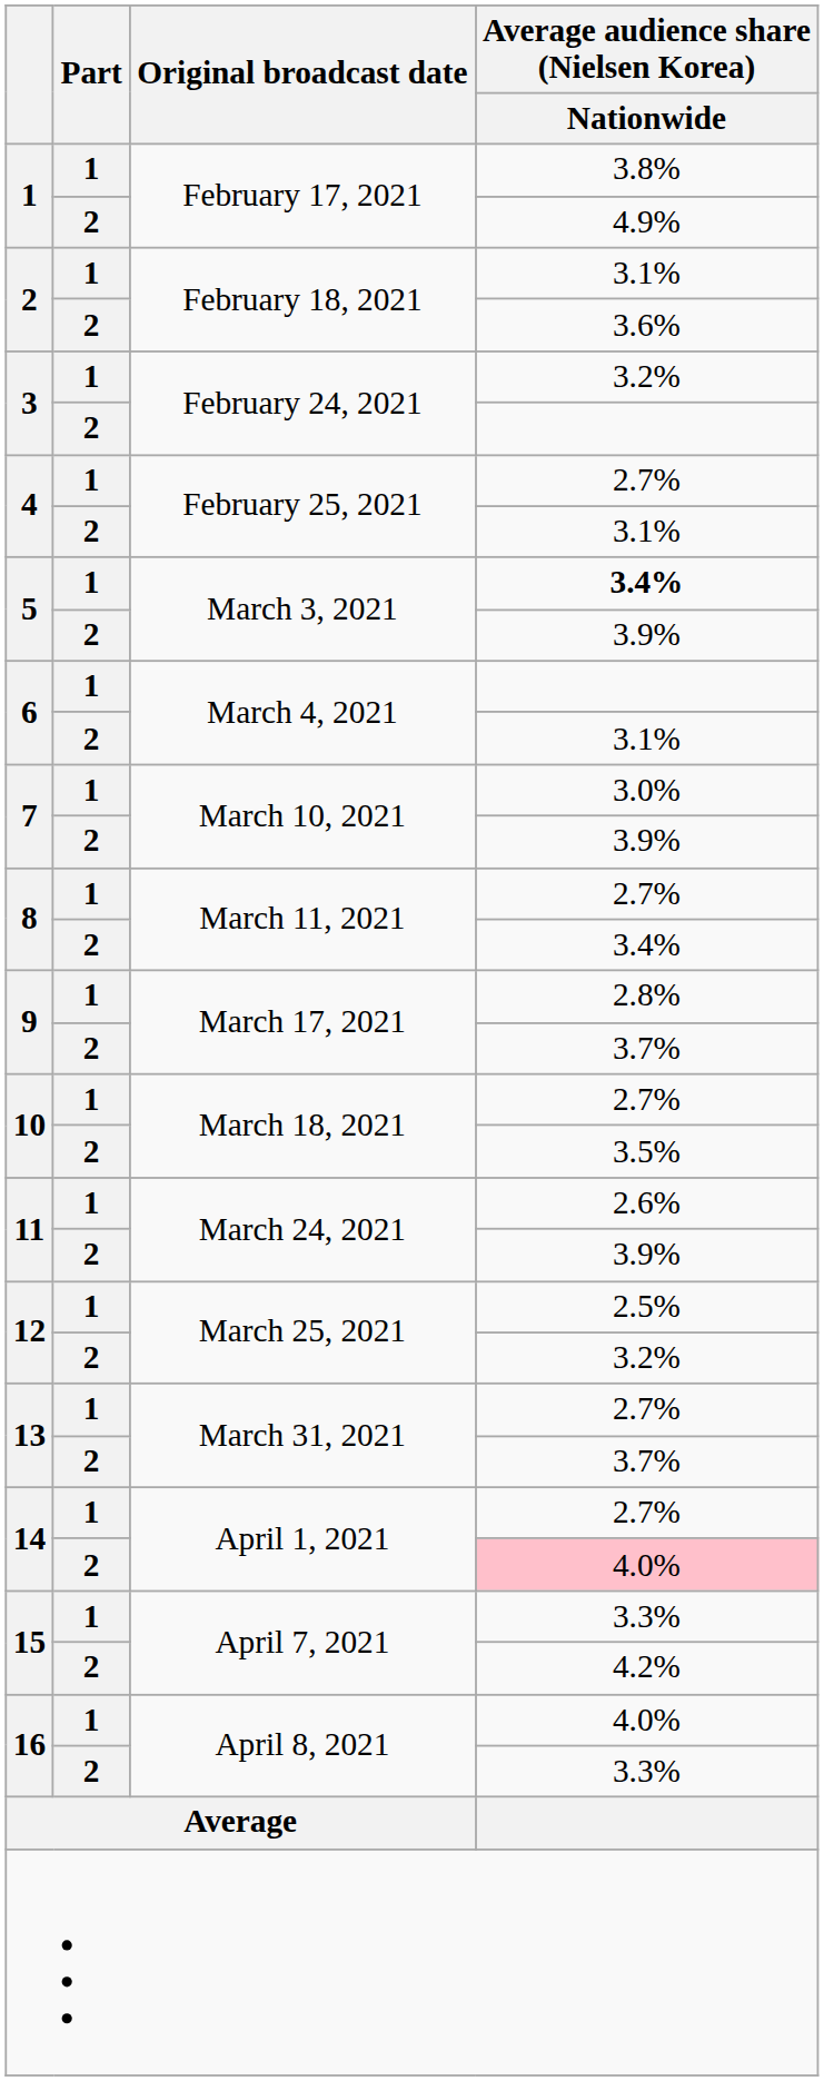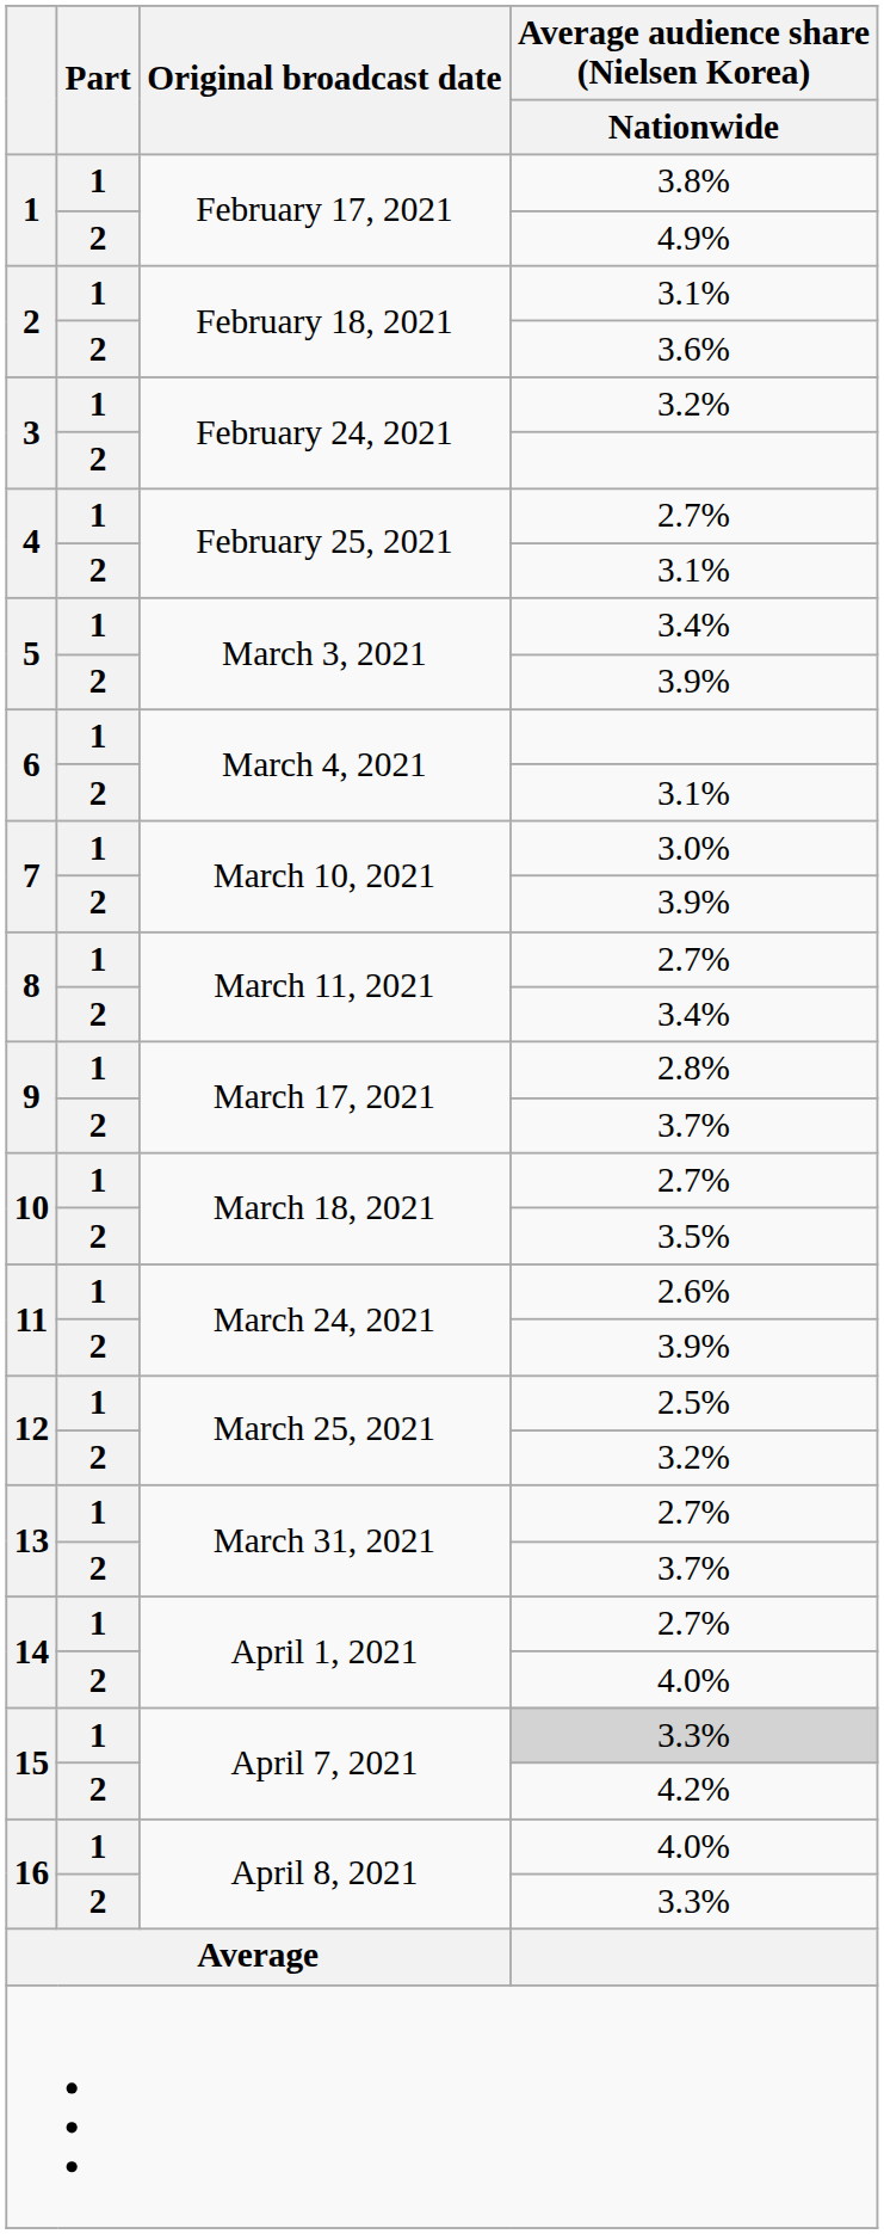 <table class="wikitable" style="text-align:center;max-width:500px; margin-left: auto; margin-right: auto; border: none;">
 <tr>
 </tr>
 <tr>
 <th rowspan="2"></th>
 <th rowspan="2">Part</th>
 <th rowspan="2">Original broadcast date</th>
 <th>Average audience share<br>(Nielsen Korea)</th>
 </tr>
 <tr>
 <th>Nationwide</th>
 </tr>
 <tr>
 <th rowspan="2">1</th>
 <th>1</th>
 <td rowspan="2">February 17, 2021</td>
 <td>3.8%</td>
 </tr>
 <tr>
 <th>2</th>
 <td>4.9%</td>
 </tr>
 <tr>
 <th rowspan="2">2</th>
 <th>1</th>
 <td rowspan="2">February 18, 2021</td>
 <td>3.1%</td>
 </tr>
 <tr>
 <th>2</th>
 <td>3.6%</td>
 </tr>
 <tr>
 <th rowspan="2">3</th>
 <th>1</th>
 <td rowspan="2">February 24, 2021</td>
 <td>3.2%</td>
 </tr>
 <tr>
 <th>2</th>
 <td></td>
 </tr>
 <tr>
 <th rowspan="2">4</th>
 <th>1</th>
 <td rowspan="2">February 25, 2021</td>
 <td>2.7%</td>
 </tr>
 <tr>
 <th>2</th>
 <td>3.1%</td>
 </tr>
 <tr>
 <th rowspan="2">5</th>
 <th>1</th>
 <td rowspan="2">March 3, 2021</td>
-<td><strong>3.4%</strong></td>
+<td>3.4%</td>
 </tr>
 <tr>
 <th>2</th>
 <td>3.9%</td>
 </tr>
 <tr>
 <th rowspan="2">6</th>
 <th>1</th>
 <td rowspan="2">March 4, 2021</td>
 <td></td>
 </tr>
 <tr>
 <th>2</th>
 <td>3.1%</td>
 </tr>
 <tr>
 <th rowspan="2">7</th>
 <th>1</th>
 <td rowspan="2">March 10, 2021</td>
 <td>3.0%</td>
 </tr>
 <tr>
 <th>2</th>
 <td>3.9%</td>
 </tr>
 <tr>
 <th rowspan="2">8</th>
 <th>1</th>
 <td rowspan="2">March 11, 2021</td>
 <td>2.7%</td>
 </tr>
 <tr>
 <th>2</th>
 <td>3.4%</td>
 </tr>
 <tr>
 <th rowspan="2">9</th>
 <th>1</th>
 <td rowspan="2">March 17, 2021</td>
 <td>2.8%</td>
 </tr>
 <tr>
 <th>2</th>
 <td>3.7%</td>
 </tr>
 <tr>
 <th rowspan="2">10</th>
 <th>1</th>
 <td rowspan="2">March 18, 2021</td>
 <td>2.7%</td>
 </tr>
 <tr>
 <th>2</th>
 <td>3.5%</td>
 </tr>
 <tr>
 <th rowspan="2">11</th>
 <th>1</th>
 <td rowspan="2">March 24, 2021</td>
 <td>2.6%</td>
 </tr>
 <tr>
 <th>2</th>
 <td>3.9%</td>
 </tr>
 <tr>
 <th rowspan="2">12</th>
 <th>1</th>
 <td rowspan="2">March 25, 2021</td>
 <td>2.5%</td>
 </tr>
 <tr>
 <th>2</th>
 <td>3.2%</td>
 </tr>
 <tr>
 <th rowspan="2">13</th>
 <th>1</th>
 <td rowspan="2">March 31, 2021</td>
 <td>2.7%</td>
 </tr>
 <tr>
 <th>2</th>
 <td>3.7%</td>
 </tr>
 <tr>
 <th rowspan="2">14</th>
 <th>1</th>
 <td rowspan="2">April 1, 2021</td>
 <td>2.7%</td>
 </tr>
 <tr>
 <th>2</th>
-<td style="background: pink;">4.0%</td>
+<td>4.0%</td>
 </tr>
 <tr>
 <th rowspan="2">15</th>
 <th>1</th>
 <td rowspan="2">April 7, 2021</td>
-<td>3.3%</td>
+<td style="background: lightgrey;">3.3%</td>
 </tr>
 <tr>
 <th>2</th>
 <td>4.2%</td>
 </tr>
 <tr>
 <th rowspan="2">16</th>
 <th>1</th>
 <td rowspan="2">April 8, 2021</td>
 <td>4.0%</td>
 </tr>
 <tr>
 <th>2</th>
 <td>3.3%</td>
 </tr>
 <tr>
 <th colspan="3">Average</th>
 <th></th>
 </tr>
 <tr>
 <td colspan="7"><br><ul><li></li><li></li><li></li></ul></td>
 </tr>
 </table>
